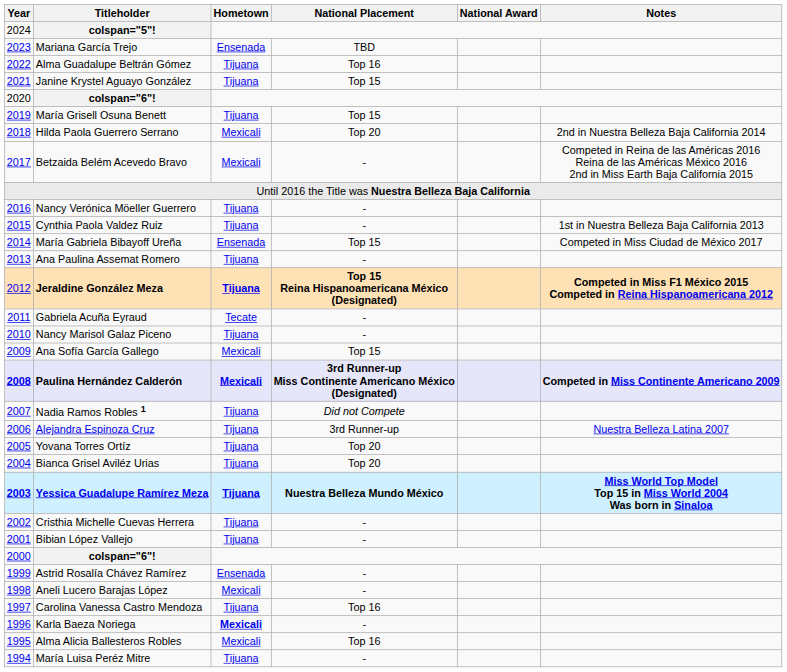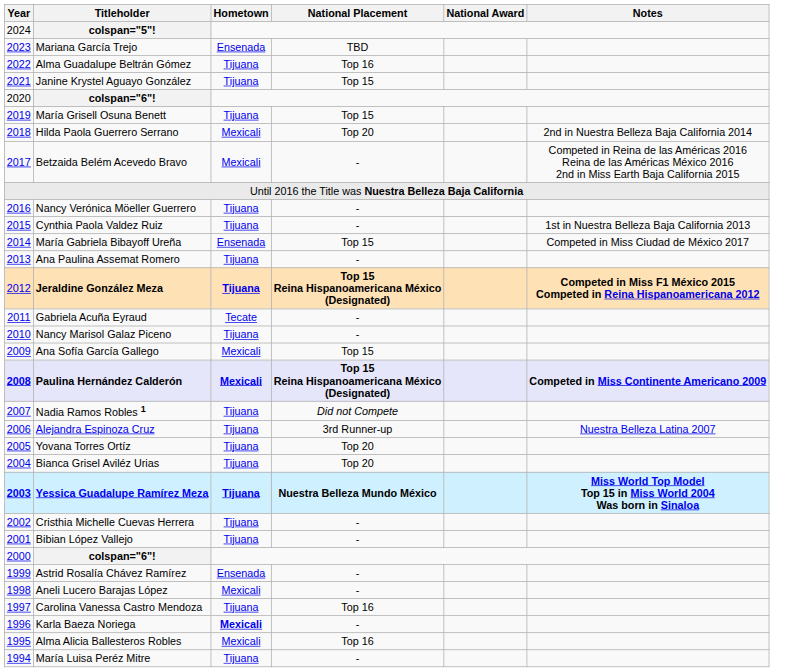 <table class="wikitable sortable" style="font-size:95%;">
 <tr>
 <th>Year</th>
 <th>Titleholder</th>
 <th>Hometown</th>
 <th>National Placement</th>
 <th>National Award</th>
 <th>Notes</th>
 </tr>
 <tr>
 <td align="center">2024</td>
 <th>colspan="5"!</th>
 </tr>
 <tr>
 <td align="center"><a href='#'>2023</a></td>
 <td>Mariana García Trejo</td>
 <td align="center"><a href='#'>Ensenada</a></td>
 <td align="center">TBD</td>
 <td align="center"></td>
 <td align="center"></td>
 </tr>
 <tr>
 <td align="center"><a href='#'>2022</a></td>
 <td>Alma Guadalupe Beltrán Gómez</td>
 <td align="center"><a href='#'>Tijuana</a></td>
 <td align="center">Top 16</td>
 <td align="center"></td>
 <td align="center"></td>
 </tr>
 <tr>
 <td align="center"><a href='#'>2021</a></td>
 <td>Janine Krystel Aguayo González</td>
 <td align="center"><a href='#'>Tijuana</a></td>
 <td align="center">Top 15</td>
 <td align="center"></td>
 <td align="center"></td>
 </tr>
 <tr>
 <td align="center">2020</td>
 <th>colspan="6"!</th>
 </tr>
 <tr>
 <td align="center"><a href='#'>2019</a></td>
 <td>María Grisell Osuna Benett</td>
 <td align="center"><a href='#'>Tijuana</a></td>
 <td align="center">Top 15</td>
 <td align="center"></td>
 <td align="center"></td>
 </tr>
 <tr>
 <td align="center"><a href='#'>2018</a></td>
 <td>Hilda Paola Guerrero Serrano</td>
 <td align="center"><a href='#'>Mexicali</a></td>
 <td align="center">Top 20</td>
 <td align="center"></td>
 <td align="center">2nd in Nuestra Belleza Baja California 2014</td>
 </tr>
 <tr>
 <td align="center"><a href='#'>2017</a></td>
 <td>Betzaida Belém Acevedo Bravo</td>
 <td align="center"><a href='#'>Mexicali</a></td>
 <td align="center">-</td>
 <td align="center"></td>
 <td align="center">Competed in Reina de las Américas 2016<br>Reina de las Américas México 2016<br>2nd in Miss Earth Baja California 2015</td>
 </tr>
 <tr>
 <td colspan="7" bgcolor="#EAEAEA" style="text-align:center;">Until 2016 the Title was <strong>Nuestra Belleza Baja California</strong></td>
 </tr>
 <tr>
 <td align="center"><a href='#'>2016</a></td>
 <td>Nancy Verónica Möeller Guerrero</td>
 <td align="center"><a href='#'>Tijuana</a></td>
 <td align="center">-</td>
 <td align="center"></td>
 <td align="center"></td>
 </tr>
 <tr>
 <td align="center"><a href='#'>2015</a></td>
 <td>Cynthia Paola Valdez Ruiz</td>
 <td align="center"><a href='#'>Tijuana</a></td>
 <td align="center">-</td>
 <td align="center"></td>
 <td align="center">1st in Nuestra Belleza Baja California 2013</td>
 </tr>
 <tr>
 <td align="center"><a href='#'>2014</a></td>
 <td>María Gabriela Bibayoff Ureña</td>
 <td align="center"><a href='#'>Ensenada</a></td>
 <td align="center">Top 15</td>
 <td align="center"></td>
 <td align="center">Competed in Miss Ciudad de México 2017</td>
 </tr>
 <tr>
 <td align="center"><a href='#'>2013</a></td>
 <td>Ana Paulina Assemat Romero</td>
 <td align="center"><a href='#'>Tijuana</a></td>
 <td align="center">-</td>
 <td align="center"></td>
 <td align="center"></td>
 </tr>
 <tr bgcolor="#FFE1B6">
 <td align="center"><a href='#'>2012</a></td>
 <td><strong>Jeraldine González Meza</strong></td>
 <td align="center"><strong><a href='#'>Tijuana</a></strong></td>
 <td align="center"><strong>Top 15<br>Reina Hispanoamericana México<br>(Designated)</strong></td>
 <td align="center"></td>
 <td align="center"><strong>Competed in Miss F1 México 2015<br>Competed in <a href='#'>Reina Hispanoamericana 2012</a></strong></td>
 </tr>
 <tr>
 <td align="center"><a href='#'>2011</a></td>
 <td>Gabriela Acuña Eyraud</td>
 <td align="center"><a href='#'>Tecate</a></td>
 <td align="center">-</td>
 <td align="center"></td>
 <td align="center"></td>
 </tr>
 <tr>
 <td align="center"><a href='#'>2010</a></td>
 <td>Nancy Marisol Galaz Piceno</td>
 <td align="center"><a href='#'>Tijuana</a></td>
 <td align="center">-</td>
 <td align="center"></td>
 <td align="center"></td>
 </tr>
 <tr>
 <td align="center"><a href='#'>2009</a></td>
 <td>Ana Sofía García Gallego</td>
 <td align="center"><a href='#'>Mexicali</a></td>
 <td align="center">Top 15</td>
 <td align="center"></td>
 <td align="center"></td>
 </tr>
 <tr bgcolor="#E6E6FA">
 <td align="center"><strong><a href='#'>2008</a></strong></td>
 <td><strong>Paulina Hernández Calderón</strong></td>
 <td align="center"><strong><a href='#'>Mexicali</a></strong></td>
-<td align="center"><strong>3rd Runner-up<br>Miss Continente Americano México<br>(Designated)</strong></td>
+<td align="center"><strong>Top 15<br>Reina Hispanoamericana México<br>(Designated)</strong></td>
 <td align="center"></td>
 <td align="center"><strong>Competed in <a href='#'>Miss Continente Americano 2009</a></strong></td>
 </tr>
 <tr>
 <td align="center"><a href='#'>2007</a></td>
 <td>Nadia Ramos Robles <sup><strong>1</strong></sup></td>
 <td align="center"><a href='#'>Tijuana</a></td>
 <td align="center"><em>Did not Compete</em></td>
 <td align="center"></td>
 <td align="center"></td>
 </tr>
 <tr>
 <td align="center"><a href='#'>2006</a></td>
 <td><a href='#'>Alejandra Espinoza Cruz</a></td>
 <td align="center"><a href='#'>Tijuana</a></td>
 <td align="center">3rd Runner-up</td>
 <td align="center"></td>
 <td align="center"><a href='#'>Nuestra Belleza Latina 2007</a></td>
 </tr>
 <tr>
 <td align="center"><a href='#'>2005</a></td>
 <td>Yovana Torres Ortíz</td>
 <td align="center"><a href='#'>Tijuana</a></td>
 <td align="center">Top 20</td>
 <td align="center"></td>
 <td align="center"></td>
 </tr>
 <tr>
 <td align="center"><a href='#'>2004</a></td>
 <td>Bianca Grisel Aviléz Urias</td>
 <td align="center"><a href='#'>Tijuana</a></td>
 <td align="center">Top 20</td>
 <td align="center"></td>
 <td align="center"></td>
 </tr>
 <tr bgcolor="#CFF0FF">
 <td align="center"><strong><a href='#'>2003</a></strong></td>
 <td><strong><a href='#'>Yessica Guadalupe Ramírez Meza</a></strong></td>
 <td align="center"><strong><a href='#'>Tijuana</a></strong></td>
 <td align="center"><strong>Nuestra Belleza Mundo México</strong></td>
 <td align="center"></td>
 <td align="center"><strong><a href='#'>Miss World Top Model</a><br>Top 15 in <a href='#'>Miss World 2004</a><br>Was born in <a href='#'>Sinaloa</a></strong></td>
 </tr>
 <tr>
 <td align="center"><a href='#'>2002</a></td>
 <td>Cristhia Michelle Cuevas Herrera</td>
 <td align="center"><a href='#'>Tijuana</a></td>
 <td align="center">-</td>
 <td align="center"></td>
 <td></td>
 </tr>
 <tr>
 <td align="center"><a href='#'>2001</a></td>
 <td>Bibian López Vallejo</td>
 <td align="center"><a href='#'>Tijuana</a></td>
 <td align="center">-</td>
 <td align="center"></td>
 <td align="center"></td>
 </tr>
 <tr>
 <td align="center"><a href='#'>2000</a></td>
 <th>colspan="6"!</th>
 </tr>
 <tr>
 <td align="center"><a href='#'>1999</a></td>
 <td>Astrid Rosalía Chávez Ramírez</td>
 <td align="center"><a href='#'>Ensenada</a></td>
 <td align="center">-</td>
 <td align="center"></td>
 <td align="center"></td>
 </tr>
 <tr>
 <td align="center"><a href='#'>1998</a></td>
 <td>Aneli Lucero Barajas López</td>
 <td align="center"><a href='#'>Mexicali</a></td>
 <td align="center">-</td>
 <td align="center"></td>
 <td align="center"></td>
 </tr>
 <tr>
 <td align="center"><a href='#'>1997</a></td>
 <td>Carolina Vanessa Castro Mendoza</td>
 <td align="center"><a href='#'>Tijuana</a></td>
 <td align="center">Top 16</td>
 <td align="center"></td>
 <td align="center"></td>
 </tr>
 <tr>
 <td align="center"><a href='#'>1996</a></td>
 <td>Karla Baeza Noriega</td>
 <td align="center"><strong><a href='#'>Mexicali</a></strong></td>
 <td align="center">-</td>
 <td align="center"></td>
 <td align="center"></td>
 </tr>
 <tr>
 <td align="center"><a href='#'>1995</a></td>
 <td>Alma Alicia Ballesteros Robles</td>
 <td align="center"><a href='#'>Mexicali</a></td>
 <td align="center">Top 16</td>
 <td align="center"></td>
 <td align="center"></td>
 </tr>
 <tr>
 <td align="center"><a href='#'>1994</a></td>
 <td>María Luisa Peréz Mitre</td>
 <td align="center"><a href='#'>Tijuana</a></td>
 <td align="center">-</td>
 <td align="center"></td>
 <td align="center"></td>
 </tr>
 </table>
